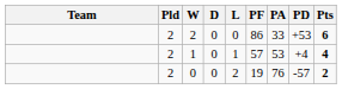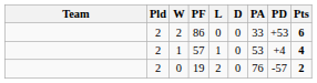 <table class="wikitable" style="text-align:center;">
 <tr>
 <th width="190">Team</th>
 <th width="20" abbr="Played">Pld</th>
 <th width="20" abbr="Won">W</th>
+<th width="20" abbr="Points for">PF</th>
+<th width="20" abbr="Lost">L</th>
 <th width="20" abbr="Drawn">D</th>
-<th width="20" abbr="Lost">L</th>
-<th width="20" abbr="Points for">PF</th>
 <th width="20" abbr="Points against">PA</th>
 <th width="25" abbr="Points difference">PD</th>
 <th width="20" abbr="Points">Pts</th>
 </tr>
 <tr style="background:">
 <td align="left"></td>
 <td>2</td>
 <td>2</td>
+<td>86</td>
 <td>0</td>
 <td>0</td>
-<td>86</td>
 <td>33</td>
 <td>+53</td>
 <td><strong>6</strong></td>
 </tr>
 <tr style="background:">
 <td align="left"></td>
 <td>2</td>
 <td>1</td>
+<td>57</td>
+<td>1</td>
 <td>0</td>
-<td>1</td>
-<td>57</td>
 <td>53</td>
 <td>+4</td>
 <td><strong>4</strong></td>
 </tr>
 <tr>
 <td align="left"></td>
 <td>2</td>
 <td>0</td>
+<td>19</td>
+<td>2</td>
 <td>0</td>
-<td>2</td>
-<td>19</td>
 <td>76</td>
 <td>-57</td>
 <td><strong>2</strong></td>
 </tr>
 </table>
